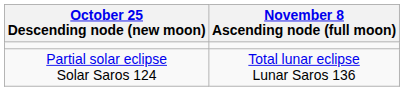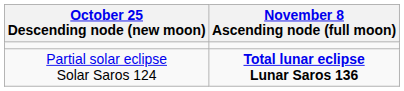 <table class="wikitable">
 <tr>
 <th><a href='#'>October 25</a><br>Descending node (new moon)<br></th>
 <th><a href='#'>November 8</a><br>Ascending node (full moon)<br></th>
 </tr>
 <tr>
 <td></td>
 <td></td>
 </tr>
 <tr align=center>
 <td><a href='#'>Partial solar eclipse</a><br>Solar Saros 124</td>
-<td><a href='#'>Total lunar eclipse</a><br>Lunar Saros 136</td>
+<td><strong><a href='#'>Total lunar eclipse</a><br>Lunar Saros 136</strong></td>
 </tr>
 </table>
